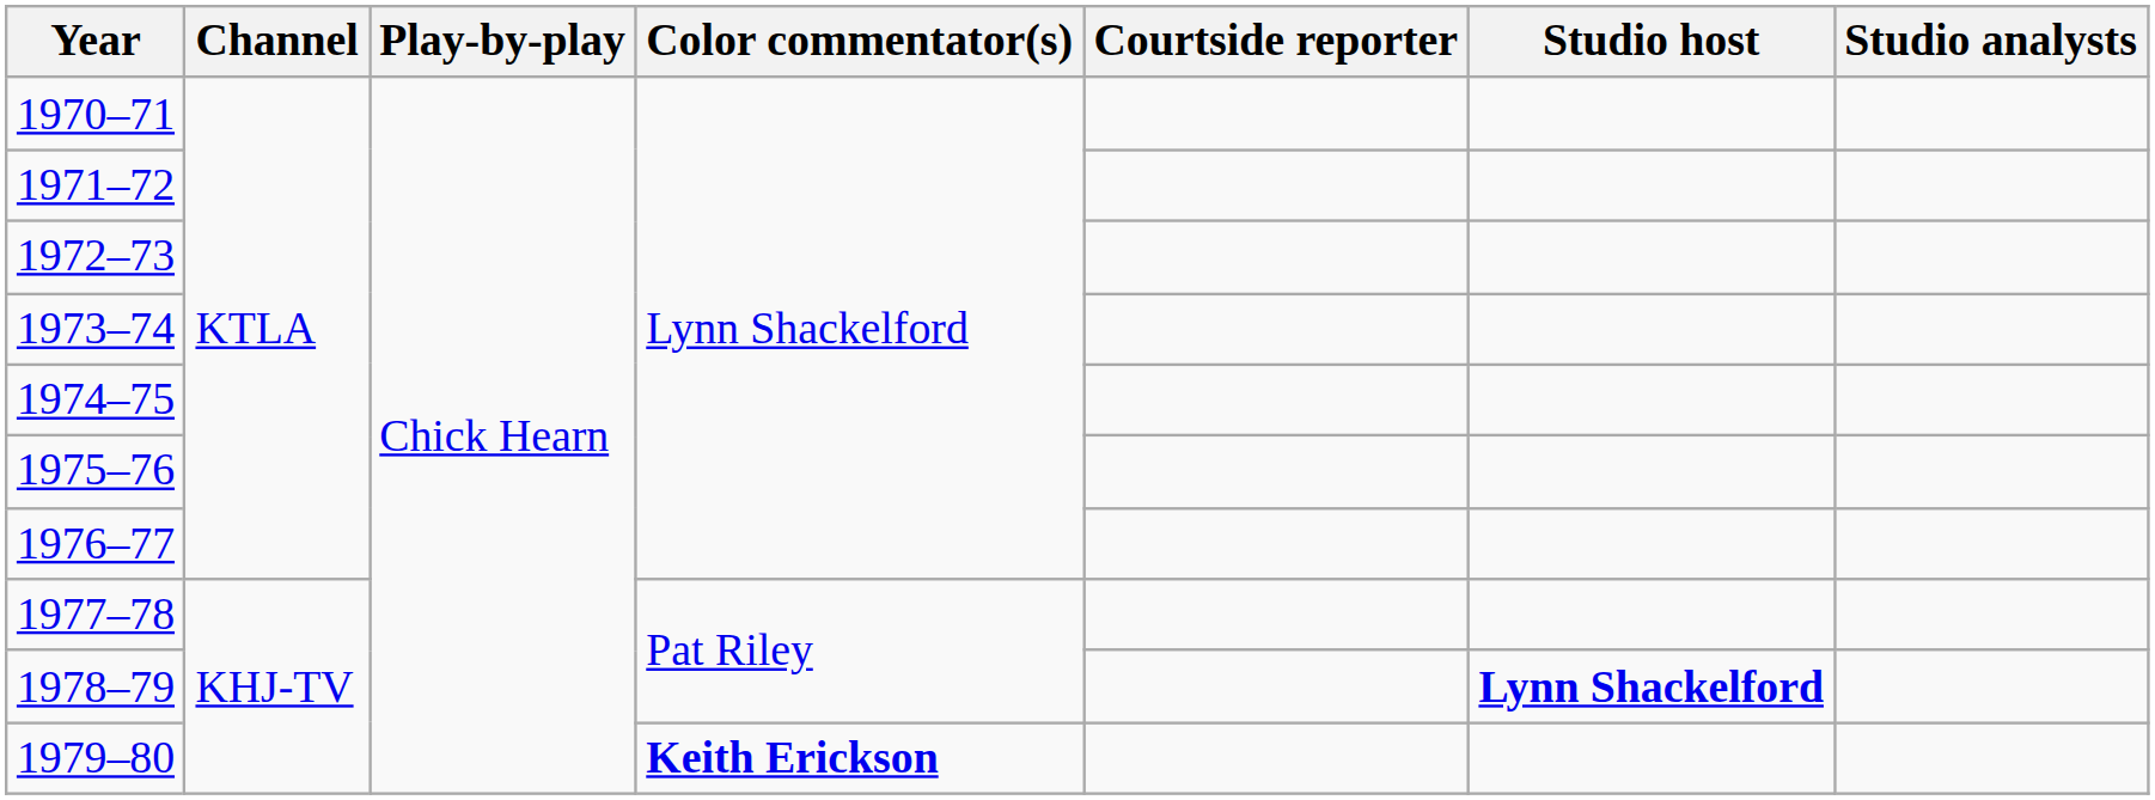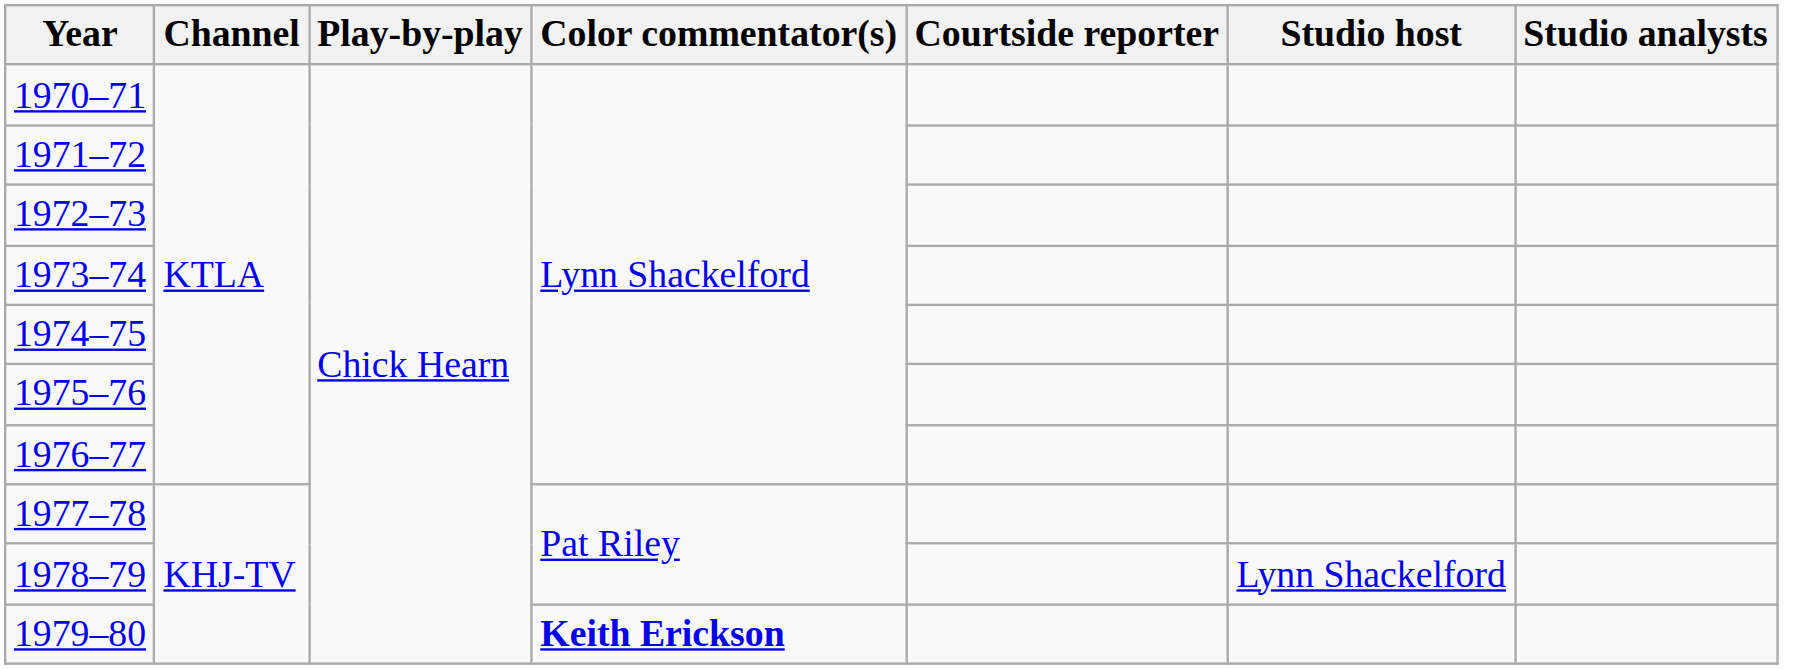 <table class="wikitable">
 <tr>
 <th>Year</th>
 <th>Channel</th>
 <th>Play-by-play</th>
 <th>Color commentator(s)</th>
 <th>Courtside reporter</th>
 <th>Studio host</th>
 <th>Studio analysts</th>
 </tr>
 <tr>
 <td><a href='#'>1970–71</a></td>
 <td rowspan="7"><a href='#'>KTLA</a></td>
 <td rowspan=10><a href='#'>Chick Hearn</a></td>
 <td rowspan="7"><a href='#'>Lynn Shackelford</a></td>
 <td></td>
 <td></td>
 <td></td>
 </tr>
 <tr>
 <td><a href='#'>1971–72</a></td>
 <td></td>
 <td></td>
 <td></td>
 </tr>
 <tr>
 <td><a href='#'>1972–73</a></td>
 <td></td>
 <td></td>
 <td></td>
 </tr>
 <tr>
 <td><a href='#'>1973–74</a></td>
 <td></td>
 <td></td>
 <td></td>
 </tr>
 <tr>
 <td><a href='#'>1974–75</a></td>
 <td></td>
 <td></td>
 <td></td>
 </tr>
 <tr>
 <td><a href='#'>1975–76</a></td>
 <td></td>
 <td></td>
 <td></td>
 </tr>
 <tr>
 <td><a href='#'>1976–77</a></td>
 <td></td>
 <td></td>
 <td></td>
 </tr>
 <tr>
 <td><a href='#'>1977–78</a></td>
 <td rowspan="3"><a href='#'>KHJ-TV</a></td>
 <td rowspan="2"><a href='#'>Pat Riley</a></td>
 <td></td>
 <td></td>
 <td></td>
 </tr>
 <tr>
 <td><a href='#'>1978–79</a></td>
 <td></td>
-<td><strong><a href='#'>Lynn Shackelford</a></strong></td>
+<td><a href='#'>Lynn Shackelford</a></td>
 <td></td>
 </tr>
 <tr>
 <td><a href='#'>1979–80</a></td>
 <td><strong><a href='#'>Keith Erickson</a></strong></td>
 <td></td>
 <td></td>
 <td></td>
 </tr>
 </table>
